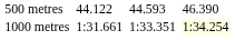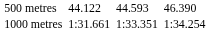 <table>
 <tr>
 <td>500 metres<br></td>
 <td></td>
 <td>44.122</td>
 <td></td>
 <td>44.593</td>
 <td></td>
 <td>46.390</td>
 </tr>
 <tr>
 <td>1000 metres<br></td>
 <td></td>
 <td>1:31.661</td>
 <td></td>
 <td>1:33.351</td>
 <td></td>
-<td style="background: lightyellow;">1:34.254</td>
+<td>1:34.254</td>
 </tr>
 </table>
